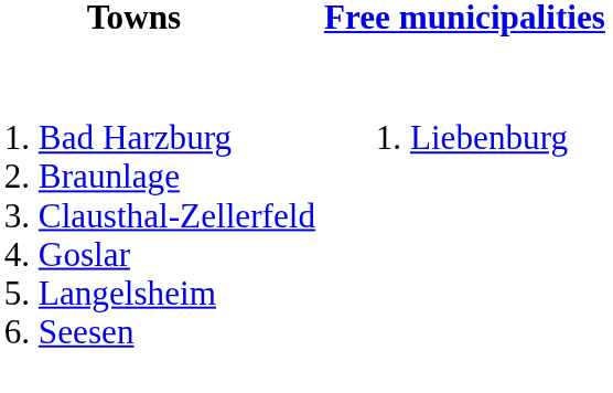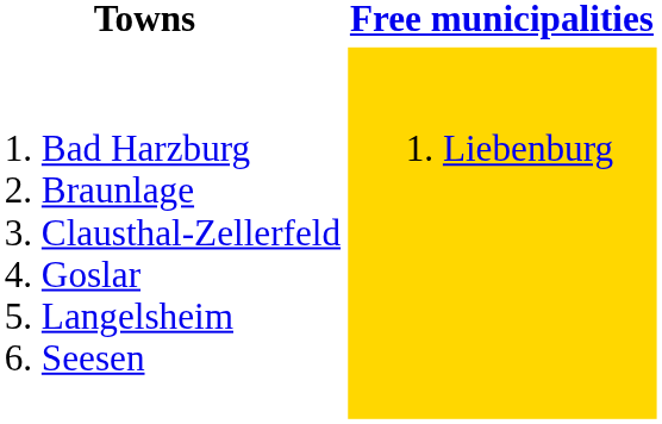 <table>
 <tr>
 <th>Towns</th>
 <th><a href='#'>Free municipalities</a></th>
 </tr>
 <tr valign=top>
 <td><br><ol><li><a href='#'>Bad Harzburg</a></li><li><a href='#'>Braunlage</a></li><li><a href='#'>Clausthal-Zellerfeld</a></li><li><a href='#'>Goslar</a></li><li><a href='#'>Langelsheim</a></li><li><a href='#'>Seesen</a></li></ol></td>
-<td><br><ol><li><a href='#'>Liebenburg</a></li></ol></td>
+<td style="background: gold;"><br><ol><li><a href='#'>Liebenburg</a></li></ol></td>
 </tr>
 </table>
